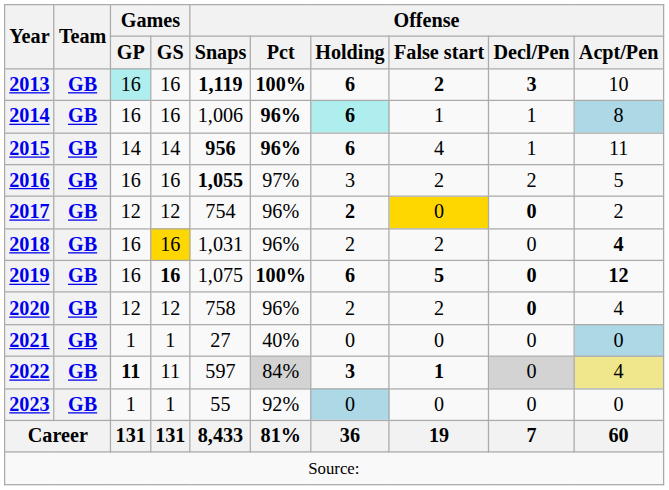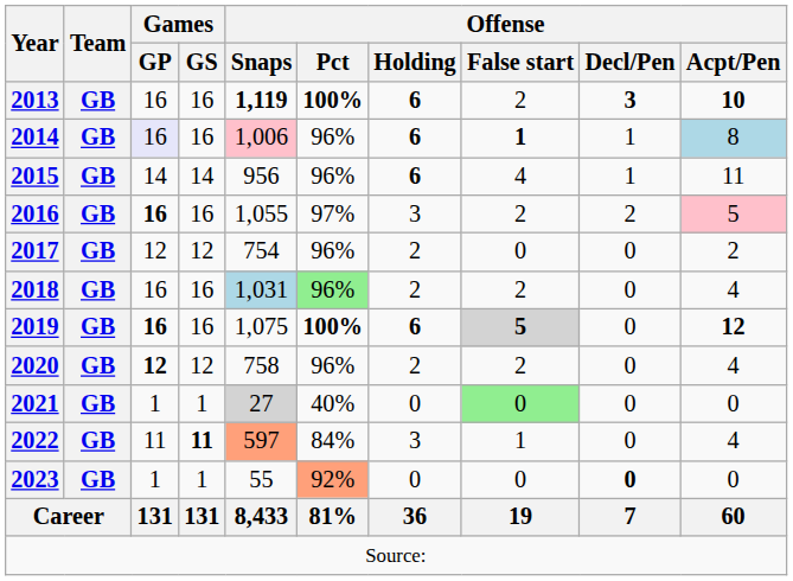 <table class="wikitable" style="text-align:center;">
 <tr>
 <th rowspan="2">Year</th>
 <th rowspan="2">Team</th>
 <th colspan="2">Games</th>
 <th colspan="8">Offense</th>
 </tr>
 <tr>
 <th>GP</th>
 <th>GS</th>
 <th>Snaps</th>
 <th>Pct</th>
 <th>Holding</th>
 <th>False start</th>
 <th>Decl/Pen</th>
 <th>Acpt/Pen</th>
 </tr>
 <tr>
 <th><a href='#'>2013</a></th>
 <th><a href='#'>GB</a></th>
-<td style="background: paleturquoise;">16</td>
+<td>16</td>
 <td>16</td>
 <td><strong>1,119</strong></td>
 <td><strong>100%</strong></td>
 <td><strong>6</strong></td>
-<td><strong>2</strong></td>
+<td>2</td>
 <td><strong>3</strong></td>
-<td>10</td>
+<td><strong>10</strong></td>
 </tr>
 <tr>
 <th><a href='#'>2014</a></th>
 <th><a href='#'>GB</a></th>
+<td style="background: lavender;">16</td>
 <td>16</td>
-<td>16</td>
-<td>1,006</td>
-<td><strong>96%</strong></td>
-<td style="background: paleturquoise;"><strong>6</strong></td>
-<td>1</td>
+<td style="background: pink;">1,006</td>
+<td>96%</td>
+<td><strong>6</strong></td>
+<td><strong>1</strong></td>
 <td>1</td>
 <td style="background: lightblue;">8</td>
 </tr>
 <tr>
 <th><a href='#'>2015</a></th>
 <th><a href='#'>GB</a></th>
 <td>14</td>
 <td>14</td>
-<td><strong>956</strong></td>
-<td><strong>96%</strong></td>
+<td>956</td>
+<td>96%</td>
 <td><strong>6</strong></td>
 <td>4</td>
 <td>1</td>
 <td>11</td>
 </tr>
 <tr>
 <th><a href='#'>2016</a></th>
 <th><a href='#'>GB</a></th>
+<td><strong>16</strong></td>
 <td>16</td>
-<td>16</td>
-<td><strong>1,055</strong></td>
+<td>1,055</td>
 <td>97%</td>
 <td>3</td>
 <td>2</td>
 <td>2</td>
-<td>5</td>
+<td style="background: pink;">5</td>
 </tr>
 <tr>
 <th><a href='#'>2017</a></th>
 <th><a href='#'>GB</a></th>
 <td>12</td>
 <td>12</td>
 <td>754</td>
 <td>96%</td>
-<td><strong>2</strong></td>
-<td style="background: gold;">0</td>
-<td><strong>0</strong></td>
+<td>2</td>
+<td>0</td>
+<td>0</td>
 <td>2</td>
 </tr>
 <tr>
 <th><a href='#'>2018</a></th>
 <th><a href='#'>GB</a></th>
 <td>16</td>
-<td style="background: gold;">16</td>
-<td>1,031</td>
-<td>96%</td>
+<td>16</td>
+<td style="background: lightblue;">1,031</td>
+<td style="background: lightgreen;">96%</td>
 <td>2</td>
 <td>2</td>
 <td>0</td>
-<td><strong>4</strong></td>
+<td>4</td>
 </tr>
 <tr>
 <th><a href='#'>2019</a></th>
 <th><a href='#'>GB</a></th>
+<td><strong>16</strong></td>
 <td>16</td>
-<td><strong>16</strong></td>
 <td>1,075</td>
 <td><strong>100%</strong></td>
 <td><strong>6</strong></td>
-<td><strong>5</strong></td>
-<td><strong>0</strong></td>
+<td style="background: lightgrey;"><strong>5</strong></td>
+<td>0</td>
 <td><strong>12</strong></td>
 </tr>
 <tr>
 <th><a href='#'>2020</a></th>
 <th><a href='#'>GB</a></th>
-<td>12</td>
+<td><strong>12</strong></td>
 <td>12</td>
 <td>758</td>
 <td>96%</td>
 <td>2</td>
 <td>2</td>
-<td><strong>0</strong></td>
+<td>0</td>
 <td>4</td>
 </tr>
 <tr>
 <th><a href='#'>2021</a></th>
 <th><a href='#'>GB</a></th>
 <td>1</td>
 <td>1</td>
-<td>27</td>
+<td style="background: lightgrey;">27</td>
 <td>40%</td>
 <td>0</td>
+<td style="background: lightgreen;">0</td>
 <td>0</td>
 <td>0</td>
-<td style="background: lightblue;">0</td>
 </tr>
 <tr>
 <th><a href='#'>2022</a></th>
 <th><a href='#'>GB</a></th>
+<td>11</td>
 <td><strong>11</strong></td>
-<td>11</td>
-<td>597</td>
-<td style="background: lightgrey;">84%</td>
-<td><strong>3</strong></td>
-<td><strong>1</strong></td>
-<td style="background: lightgrey;">0</td>
-<td style="background: khaki;">4</td>
+<td style="background: lightsalmon;">597</td>
+<td>84%</td>
+<td>3</td>
+<td>1</td>
+<td>0</td>
+<td>4</td>
 </tr>
 <tr>
 <th><a href='#'>2023</a></th>
 <th><a href='#'>GB</a></th>
 <td>1</td>
 <td>1</td>
 <td>55</td>
-<td>92%</td>
-<td style="background: lightblue;">0</td>
+<td style="background: lightsalmon;">92%</td>
 <td>0</td>
 <td>0</td>
+<td><strong>0</strong></td>
 <td>0</td>
 </tr>
 <tr>
 <th colspan="2">Career</th>
 <th>131</th>
 <th>131</th>
 <th>8,433</th>
 <th>81%</th>
 <th>36</th>
 <th>19</th>
 <th>7</th>
 <th>60</th>
 </tr>
 <tr>
 <td colspan="10"><small>Source: </small></td>
 </tr>
 </table>
